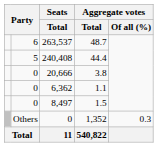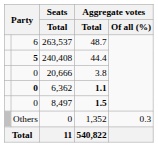 <table class="wikitable" style="text-align:right; font-size:95%;">
 <tr>
 <th colspan="2" rowspan="2">Party</th>
 <th>Seats</th>
 <th colspan="2">Aggregate votes</th>
 </tr>
 <tr>
 <th>Total</th>
 <th>Total</th>
 <th>Of all (%)</th>
 </tr>
 <tr>
 <td></td>
 <td>6</td>
 <td>263,537</td>
 <td>48.7</td>
 </tr>
 <tr>
 <td></td>
-<td>5</td>
+<td><strong>5</strong></td>
 <td>240,408</td>
 <td>44.4</td>
 </tr>
 <tr>
 <td></td>
 <td>0</td>
 <td>20,666</td>
 <td>3.8</td>
 </tr>
 <tr>
 <td></td>
-<td>0</td>
+<td><strong>0</strong></td>
 <td>6,362</td>
-<td>1.1</td>
+<td><strong>1.1</strong></td>
 </tr>
 <tr>
 <td></td>
 <td>0</td>
 <td>8,497</td>
-<td>1.5</td>
+<td><strong>1.5</strong></td>
 </tr>
 <tr>
 <td style="background:silver;"> </td>
 <td align=left>Others</td>
 <td>0</td>
 <td>1,352</td>
 <td>0.3</td>
 </tr>
 <tr>
 <th colspan="2" style="background:#f2f2f2"><strong>Total</strong></th>
 <td style="background:#f2f2f2;"><strong>11</strong></td>
 <td style="background:#f2f2f2;"><strong>540,822</strong></td>
 <td style="background:#f2f2f2;"></td>
 </tr>
 </table>
